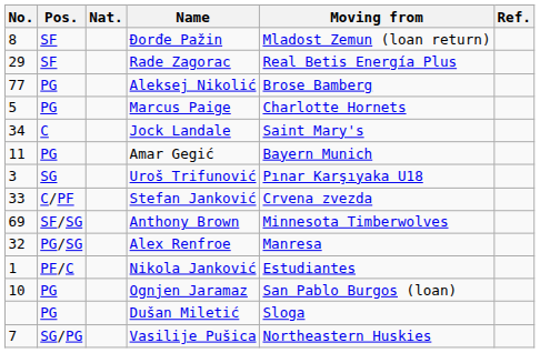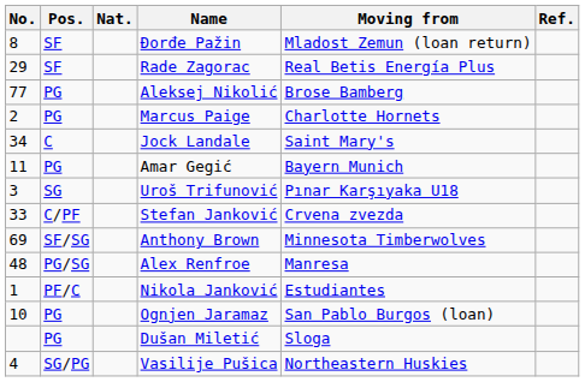 <table class="wikitable">
 <tr>
 <th>No.</th>
 <th>Pos.</th>
 <th>Nat.</th>
 <th>Name</th>
 <th>Moving from</th>
 <th>Ref.</th>
 </tr>
 <tr>
 <td>8</td>
 <td><a href='#'>SF</a></td>
 <td></td>
 <td><a href='#'>Đorđe Pažin</a></td>
 <td> <a href='#'>Mladost Zemun</a> (loan return)</td>
 <td align=center></td>
 </tr>
 <tr>
 <td>29</td>
 <td><a href='#'>SF</a></td>
 <td></td>
 <td><a href='#'>Rade Zagorac</a></td>
 <td> <a href='#'>Real Betis Energía Plus</a></td>
 <td align=center></td>
 </tr>
 <tr>
 <td>77</td>
 <td><a href='#'>PG</a></td>
 <td></td>
 <td><a href='#'>Aleksej Nikolić</a></td>
 <td> <a href='#'>Brose Bamberg</a></td>
 <td align=center></td>
 </tr>
 <tr>
-<td>5</td>
+<td>2</td>
 <td><a href='#'>PG</a></td>
 <td></td>
 <td><a href='#'>Marcus Paige</a></td>
 <td> <a href='#'>Charlotte Hornets</a></td>
 <td align=center></td>
 </tr>
 <tr>
 <td>34</td>
 <td><a href='#'>C</a></td>
 <td></td>
 <td><a href='#'>Jock Landale</a></td>
 <td> <a href='#'>Saint Mary's</a></td>
 <td align=center></td>
 </tr>
 <tr>
 <td>11</td>
 <td><a href='#'>PG</a></td>
 <td></td>
 <td>Amar Gegić</td>
 <td> <a href='#'>Bayern Munich</a></td>
 <td align=center></td>
 </tr>
 <tr>
 <td>3</td>
 <td><a href='#'>SG</a></td>
 <td></td>
 <td><a href='#'>Uroš Trifunović</a></td>
 <td> <a href='#'>Pınar Karşıyaka U18</a></td>
 <td align=center></td>
 </tr>
 <tr>
 <td>33</td>
 <td><a href='#'>C</a>/<a href='#'>PF</a></td>
 <td></td>
 <td><a href='#'>Stefan Janković</a></td>
 <td> <a href='#'>Crvena zvezda</a></td>
 <td align=center></td>
 </tr>
 <tr>
 <td>69</td>
 <td><a href='#'>SF</a>/<a href='#'>SG</a></td>
 <td></td>
 <td><a href='#'>Anthony Brown</a></td>
 <td> <a href='#'>Minnesota Timberwolves</a></td>
 <td align=center></td>
 </tr>
 <tr>
-<td>32</td>
+<td>48</td>
 <td><a href='#'>PG</a>/<a href='#'>SG</a></td>
 <td></td>
 <td><a href='#'>Alex Renfroe</a></td>
 <td> <a href='#'>Manresa</a></td>
 <td align=center></td>
 </tr>
 <tr>
 <td>1</td>
 <td><a href='#'>PF</a>/<a href='#'>C</a></td>
 <td></td>
 <td><a href='#'>Nikola Janković</a></td>
 <td> <a href='#'>Estudiantes</a></td>
 <td align=center></td>
 </tr>
 <tr>
 <td>10</td>
 <td><a href='#'>PG</a></td>
 <td></td>
 <td><a href='#'>Ognjen Jaramaz</a></td>
 <td> <a href='#'>San Pablo Burgos</a> (loan)</td>
 <td align=center></td>
 </tr>
 <tr>
 <td></td>
 <td><a href='#'>PG</a></td>
 <td></td>
 <td><a href='#'>Dušan Miletić</a></td>
 <td> <a href='#'>Sloga</a></td>
 <td align=center></td>
 </tr>
 <tr>
-<td>7</td>
+<td>4</td>
 <td><a href='#'>SG</a>/<a href='#'>PG</a></td>
 <td></td>
 <td><a href='#'>Vasilije Pušica</a></td>
 <td> <a href='#'>Northeastern Huskies</a></td>
 <td align=center></td>
 </tr>
 </table>
